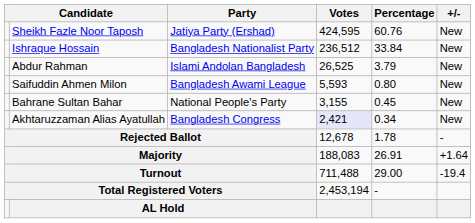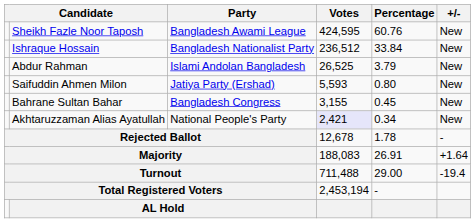 <table class="wikitable">
 <tr>
 <th colspan=2>Candidate</th>
 <th>Party</th>
 <th>Votes</th>
 <th>Percentage</th>
 <th>+/-</th>
 </tr>
 <tr>
 <td style="background-color:"></td>
 <td><a href='#'>Sheikh Fazle Noor Taposh</a></td>
-<td><a href='#'>Jatiya Party (Ershad)</a></td>
+<td><a href='#'>Bangladesh Awami League</a></td>
 <td>424,595</td>
 <td>60.76</td>
 <td>New</td>
 </tr>
 <tr>
 <td style="background-color:"></td>
 <td><a href='#'>Ishraque Hossain</a></td>
 <td><a href='#'>Bangladesh Nationalist Party</a></td>
 <td>236,512</td>
 <td>33.84</td>
 <td>New</td>
 </tr>
 <tr>
 <td style="background-color:"></td>
 <td>Abdur Rahman</td>
 <td><a href='#'>Islami Andolan Bangladesh</a></td>
 <td>26,525</td>
 <td>3.79</td>
 <td>New</td>
 </tr>
 <tr>
 <td style="background-color:"></td>
 <td>Saifuddin Ahmen Milon</td>
-<td><a href='#'>Bangladesh Awami League</a></td>
+<td><a href='#'>Jatiya Party (Ershad)</a></td>
 <td>5,593</td>
 <td>0.80</td>
 <td>New</td>
 </tr>
 <tr>
 <td style="background-color:"></td>
 <td>Bahrane Sultan Bahar</td>
-<td>National People's Party</td>
+<td><a href='#'>Bangladesh Congress</a></td>
 <td>3,155</td>
 <td>0.45</td>
 <td>New</td>
 </tr>
 <tr>
 <td style="background-color:"></td>
 <td>Akhtaruzzaman Alias Ayatullah</td>
-<td><a href='#'>Bangladesh Congress</a></td>
+<td>National People's Party</td>
 <td style="background: lavender;">2,421</td>
 <td>0.34</td>
 <td>New</td>
 </tr>
 <tr>
 <th align=right colspan=3>Rejected Ballot</th>
 <td>12,678</td>
 <td>1.78</td>
 <td>-</td>
 </tr>
 <tr>
 <th align=right colspan=3>Majority</th>
 <td>188,083</td>
 <td>26.91</td>
 <td>+1.64</td>
 </tr>
 <tr>
 <th align=right colspan=3>Turnout</th>
 <td>711,488</td>
 <td>29.00</td>
 <td>-19.4</td>
 </tr>
 <tr>
 <th align=right colspan=3>Total Registered Voters</th>
 <td>2,453,194</td>
 <td>-</td>
 <td></td>
 </tr>
 <tr>
 <td style="background-color:"></td>
 <th align=left colspan=2>AL Hold</th>
 <th></th>
 <th align=left></th>
 <th></th>
 </tr>
 </table>
